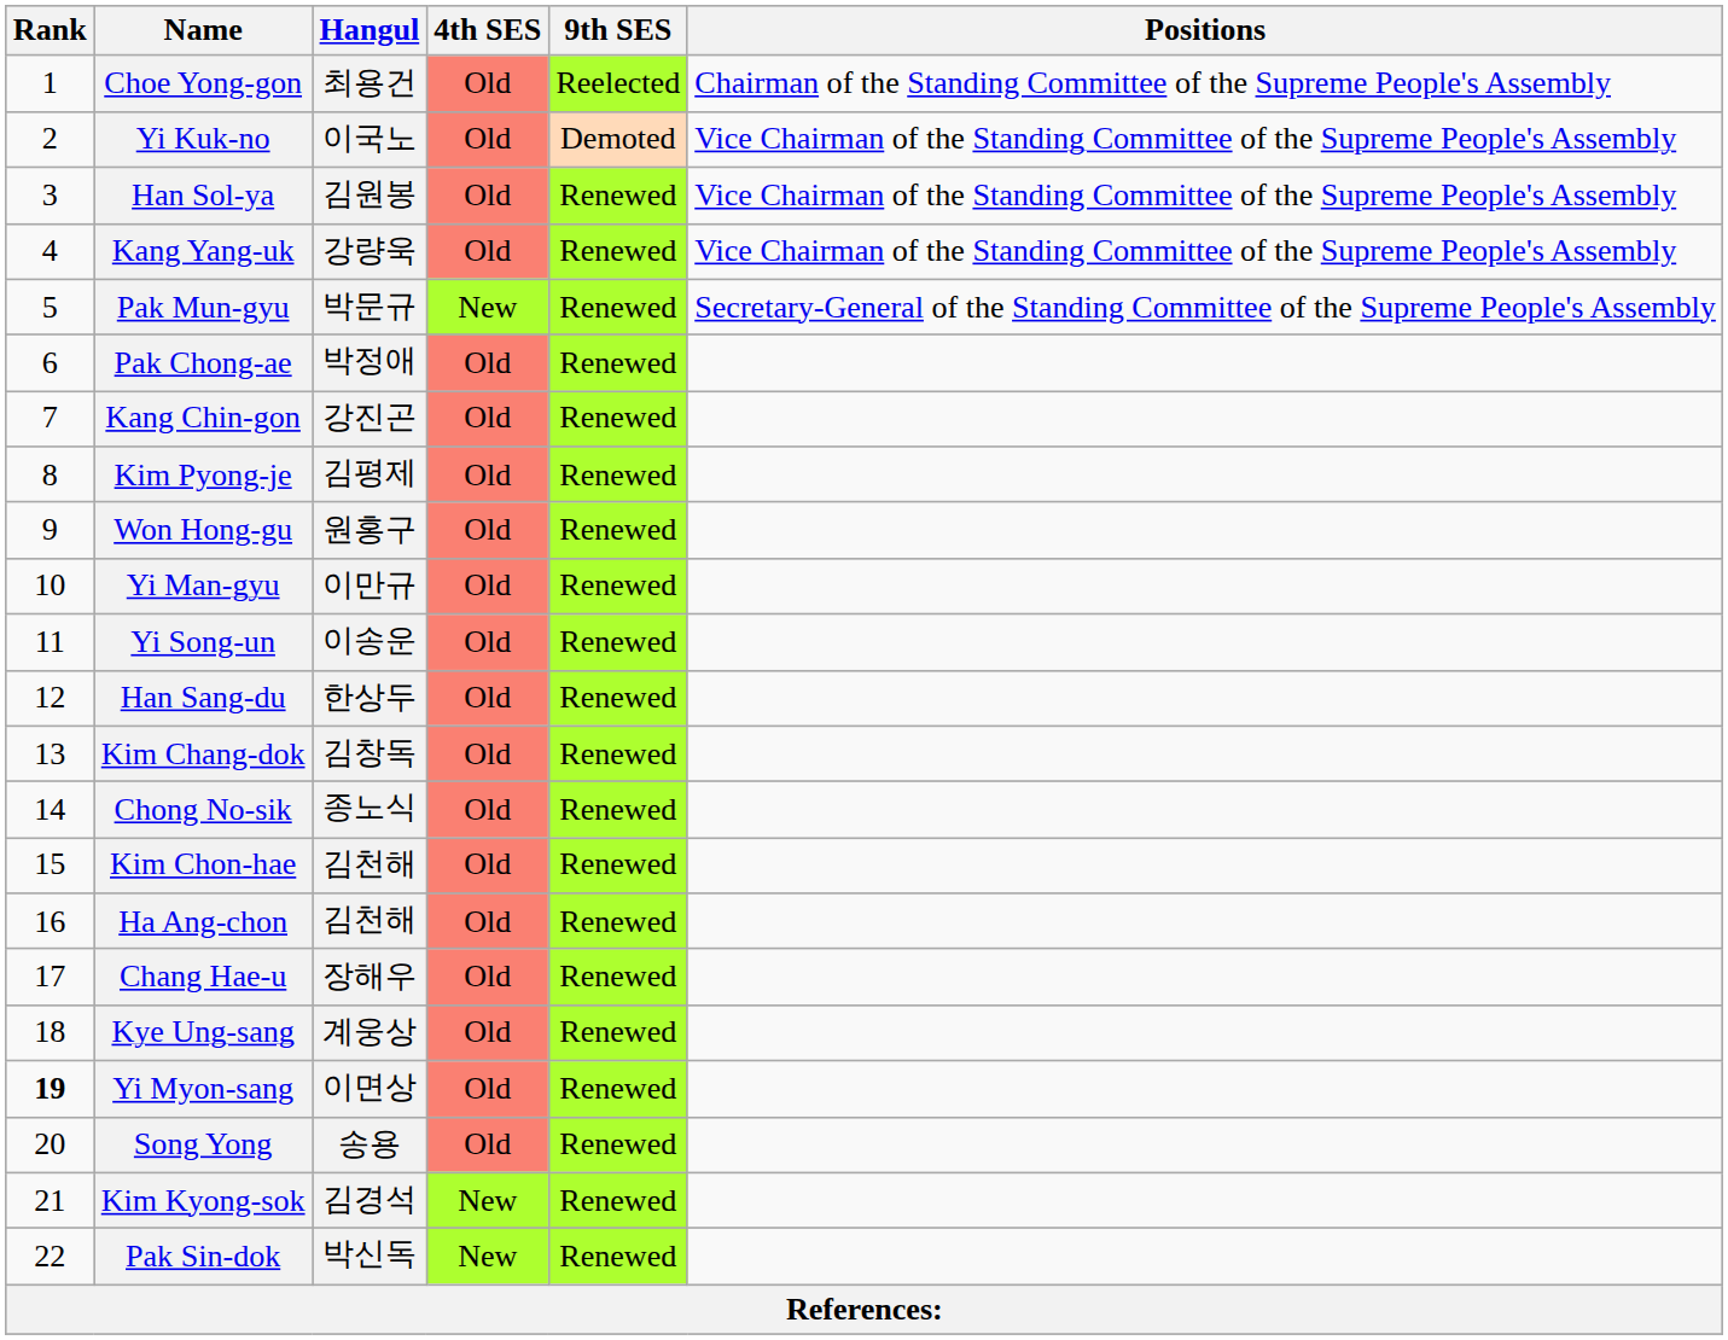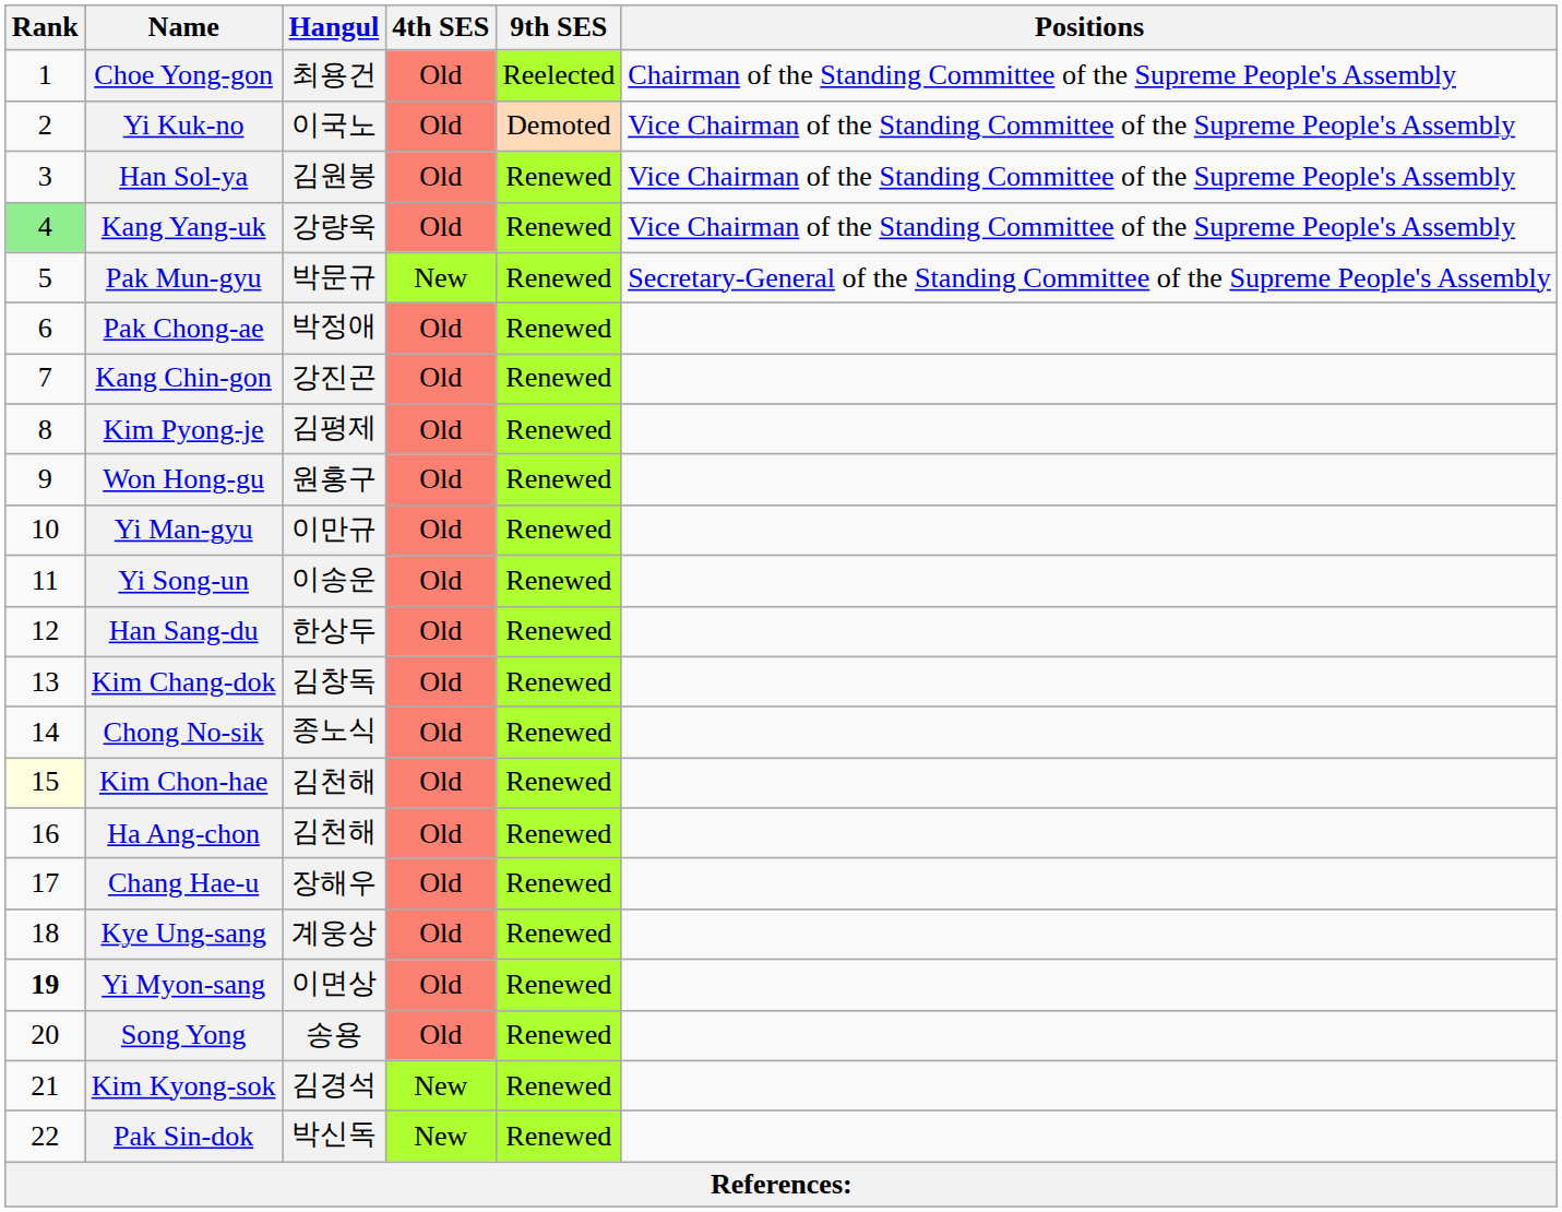 <table class="wikitable sortable">
 <tr>
 <th>Rank</th>
 <th>Name</th>
 <th class="unsortable"><a href='#'>Hangul</a></th>
 <th>4th SES</th>
 <th>9th SES</th>
 <th>Positions</th>
 </tr>
 <tr>
 <td align="center">1</td>
 <th align="center" scope="row" style="font-weight:normal;"><a href='#'>Choe Yong-gon</a></th>
 <th align="center" scope="row" style="font-weight:normal;">최용건</th>
 <td style="background: Salmon" align="center">Old</td>
 <td align="center" style="background: GreenYellow">Reelected</td>
 <td><a href='#'>Chairman</a> of the <a href='#'>Standing Committee</a> of the <a href='#'>Supreme People's Assembly</a></td>
 </tr>
 <tr>
 <td align="center">2</td>
 <th align="center" scope="row" style="font-weight:normal;"><a href='#'>Yi Kuk-no</a></th>
 <th align="center" scope="row" style="font-weight:normal;">이국노</th>
 <td style="background: Salmon" align="center">Old</td>
 <td style="background: PeachPuff" align="center">Demoted</td>
 <td><a href='#'>Vice Chairman</a> of the <a href='#'>Standing Committee</a> of the <a href='#'>Supreme People's Assembly</a></td>
 </tr>
 <tr>
 <td align="center">3</td>
 <th align="center" scope="row" style="font-weight:normal;"><a href='#'>Han Sol-ya</a></th>
 <th align="center" scope="row" style="font-weight:normal;">김원봉</th>
 <td style="background: Salmon" align="center">Old</td>
 <td align="center" style="background: GreenYellow">Renewed</td>
 <td><a href='#'>Vice Chairman</a> of the <a href='#'>Standing Committee</a> of the <a href='#'>Supreme People's Assembly</a></td>
 </tr>
 <tr>
-<td align="center">4</td>
+<td align="center" style="background: lightgreen;">4</td>
 <th align="center" scope="row" style="font-weight:normal;"><a href='#'>Kang Yang-uk</a></th>
 <th align="center" scope="row" style="font-weight:normal;">강량욱</th>
 <td style="background: Salmon" align="center">Old</td>
 <td align="center" style="background: GreenYellow">Renewed</td>
 <td><a href='#'>Vice Chairman</a> of the <a href='#'>Standing Committee</a> of the <a href='#'>Supreme People's Assembly</a></td>
 </tr>
 <tr>
 <td align="center">5</td>
 <th align="center" scope="row" style="font-weight:normal;"><a href='#'>Pak Mun-gyu</a></th>
 <th align="center" scope="row" style="font-weight:normal;">박문규</th>
 <td align="center" style="background: GreenYellow">New</td>
 <td align="center" style="background: GreenYellow">Renewed</td>
 <td><a href='#'>Secretary-General</a> of the <a href='#'>Standing Committee</a> of the <a href='#'>Supreme People's Assembly</a></td>
 </tr>
 <tr>
 <td align="center">6</td>
 <th align="center" scope="row" style="font-weight:normal;"><a href='#'>Pak Chong-ae</a></th>
 <th align="center" scope="row" style="font-weight:normal;">박정애</th>
 <td style="background: Salmon" align="center">Old</td>
 <td align="center" style="background: GreenYellow">Renewed</td>
 <td></td>
 </tr>
 <tr>
 <td align="center">7</td>
 <th align="center" scope="row" style="font-weight:normal;"><a href='#'>Kang Chin-gon</a></th>
 <th align="center" scope="row" style="font-weight:normal;">강진곤</th>
 <td style="background: Salmon" align="center">Old</td>
 <td align="center" style="background: GreenYellow">Renewed</td>
 <td></td>
 </tr>
 <tr>
 <td align="center">8</td>
 <th align="center" scope="row" style="font-weight:normal;"><a href='#'>Kim Pyong-je</a></th>
 <th align="center" scope="row" style="font-weight:normal;">김평제</th>
 <td style="background: Salmon" align="center">Old</td>
 <td align="center" style="background: GreenYellow">Renewed</td>
 <td></td>
 </tr>
 <tr>
 <td align="center">9</td>
 <th align="center" scope="row" style="font-weight:normal;"><a href='#'>Won Hong-gu</a></th>
 <th align="center" scope="row" style="font-weight:normal;">원홍구</th>
 <td style="background: Salmon" align="center">Old</td>
 <td align="center" style="background: GreenYellow">Renewed</td>
 <td></td>
 </tr>
 <tr>
 <td align="center">10</td>
 <th align="center" scope="row" style="font-weight:normal;"><a href='#'>Yi Man-gyu</a></th>
 <th align="center" scope="row" style="font-weight:normal;">이만규</th>
 <td style="background: Salmon" align="center">Old</td>
 <td align="center" style="background: GreenYellow">Renewed</td>
 <td></td>
 </tr>
 <tr>
 <td align="center">11</td>
 <th align="center" scope="row" style="font-weight:normal;"><a href='#'>Yi Song-un</a></th>
 <th align="center" scope="row" style="font-weight:normal;">이송운</th>
 <td style="background: Salmon" align="center">Old</td>
 <td align="center" style="background: GreenYellow">Renewed</td>
 <td></td>
 </tr>
 <tr>
 <td align="center">12</td>
 <th align="center" scope="row" style="font-weight:normal;"><a href='#'>Han Sang-du</a></th>
 <th align="center" scope="row" style="font-weight:normal;">한상두</th>
 <td style="background: Salmon" align="center">Old</td>
 <td align="center" style="background: GreenYellow">Renewed</td>
 <td></td>
 </tr>
 <tr>
 <td align="center">13</td>
 <th align="center" scope="row" style="font-weight:normal;"><a href='#'>Kim Chang-dok</a></th>
 <th align="center" scope="row" style="font-weight:normal;">김창독</th>
 <td style="background: Salmon" align="center">Old</td>
 <td align="center" style="background: GreenYellow">Renewed</td>
 <td></td>
 </tr>
 <tr>
 <td align="center">14</td>
 <th align="center" scope="row" style="font-weight:normal;"><a href='#'>Chong No-sik</a></th>
 <th align="center" scope="row" style="font-weight:normal;">종노식</th>
 <td style="background: Salmon" align="center">Old</td>
 <td align="center" style="background: GreenYellow">Renewed</td>
 <td></td>
 </tr>
 <tr>
-<td align="center">15</td>
+<td align="center" style="background: lightyellow;">15</td>
 <th align="center" scope="row" style="font-weight:normal;"><a href='#'>Kim Chon-hae</a></th>
 <th align="center" scope="row" style="font-weight:normal;">김천해</th>
 <td style="background: Salmon" align="center">Old</td>
 <td align="center" style="background: GreenYellow">Renewed</td>
 <td></td>
 </tr>
 <tr>
 <td align="center">16</td>
 <th align="center" scope="row" style="font-weight:normal;"><a href='#'>Ha Ang-chon</a></th>
 <th align="center" scope="row" style="font-weight:normal;">김천해</th>
 <td style="background: Salmon" align="center">Old</td>
 <td align="center" style="background: GreenYellow">Renewed</td>
 <td></td>
 </tr>
 <tr>
 <td align="center">17</td>
 <th align="center" scope="row" style="font-weight:normal;"><a href='#'>Chang Hae-u</a></th>
 <th align="center" scope="row" style="font-weight:normal;">장해우</th>
 <td style="background: Salmon" align="center">Old</td>
 <td align="center" style="background: GreenYellow">Renewed</td>
 <td></td>
 </tr>
 <tr>
 <td align="center">18</td>
 <th align="center" scope="row" style="font-weight:normal;"><a href='#'>Kye Ung-sang</a></th>
 <th align="center" scope="row" style="font-weight:normal;">계웅상</th>
 <td style="background: Salmon" align="center">Old</td>
 <td align="center" style="background: GreenYellow">Renewed</td>
 <td></td>
 </tr>
 <tr>
 <td align="center"><strong>19</strong></td>
 <th align="center" scope="row" style="font-weight:normal;"><a href='#'>Yi Myon-sang</a></th>
 <th align="center" scope="row" style="font-weight:normal;">이면상</th>
 <td style="background: Salmon" align="center">Old</td>
 <td align="center" style="background: GreenYellow">Renewed</td>
 <td></td>
 </tr>
 <tr>
 <td align="center">20</td>
 <th align="center" scope="row" style="font-weight:normal;"><a href='#'>Song Yong</a></th>
 <th align="center" scope="row" style="font-weight:normal;">송용</th>
 <td style="background: Salmon" align="center">Old</td>
 <td align="center" style="background: GreenYellow">Renewed</td>
 <td></td>
 </tr>
 <tr>
 <td align="center">21</td>
 <th align="center" scope="row" style="font-weight:normal;"><a href='#'>Kim Kyong-sok</a></th>
 <th align="center" scope="row" style="font-weight:normal;">김경석</th>
 <td align="center" style="background: GreenYellow">New</td>
 <td align="center" style="background: GreenYellow">Renewed</td>
 <td></td>
 </tr>
 <tr>
 <td align="center">22</td>
 <th align="center" scope="row" style="font-weight:normal;"><a href='#'>Pak Sin-dok</a></th>
 <th align="center" scope="row" style="font-weight:normal;">박신독</th>
 <td align="center" style="background: GreenYellow">New</td>
 <td align="center" style="background: GreenYellow">Renewed</td>
 <td></td>
 </tr>
 <tr>
 <th colspan="6" unsortable><strong>References:</strong><br></th>
 </tr>
 </table>
